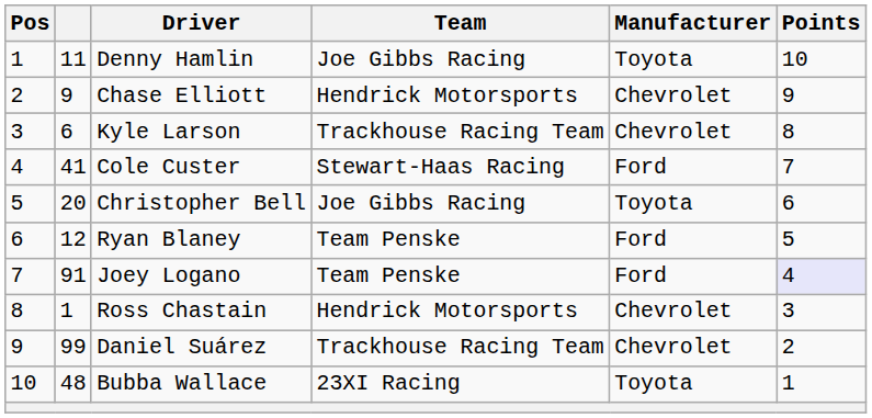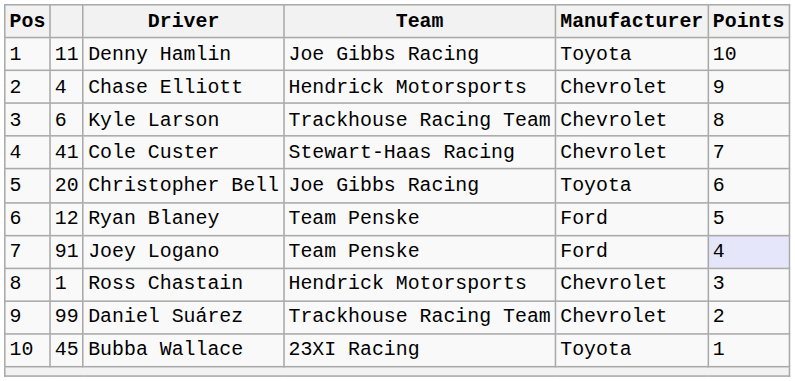 <table class="wikitable" style="font-size:98%">
 <tr>
 <th>Pos</th>
 <th></th>
 <th>Driver</th>
 <th>Team</th>
 <th>Manufacturer</th>
 <th>Points</th>
 </tr>
 <tr>
 <td>1</td>
 <td>11</td>
 <td>Denny Hamlin</td>
 <td>Joe Gibbs Racing</td>
 <td>Toyota</td>
 <td>10</td>
 </tr>
 <tr>
 <td>2</td>
-<td>9</td>
+<td>4</td>
 <td>Chase Elliott</td>
 <td>Hendrick Motorsports</td>
 <td>Chevrolet</td>
 <td>9</td>
 </tr>
 <tr>
 <td>3</td>
 <td>6</td>
 <td>Kyle Larson</td>
 <td>Trackhouse Racing Team</td>
 <td>Chevrolet</td>
 <td>8</td>
 </tr>
 <tr>
 <td>4</td>
 <td>41</td>
 <td>Cole Custer</td>
 <td>Stewart-Haas Racing</td>
-<td>Ford</td>
+<td>Chevrolet</td>
 <td>7</td>
 </tr>
 <tr>
 <td>5</td>
 <td>20</td>
 <td>Christopher Bell</td>
 <td>Joe Gibbs Racing</td>
 <td>Toyota</td>
 <td>6</td>
 </tr>
 <tr>
 <td>6</td>
 <td>12</td>
 <td>Ryan Blaney</td>
 <td>Team Penske</td>
 <td>Ford</td>
 <td>5</td>
 </tr>
 <tr>
 <td>7</td>
 <td>91</td>
 <td>Joey Logano</td>
 <td>Team Penske</td>
 <td>Ford</td>
 <td style="background: lavender;">4</td>
 </tr>
 <tr>
 <td>8</td>
 <td>1</td>
 <td>Ross Chastain</td>
 <td>Hendrick Motorsports</td>
 <td>Chevrolet</td>
 <td>3</td>
 </tr>
 <tr>
 <td>9</td>
 <td>99</td>
 <td>Daniel Suárez</td>
 <td>Trackhouse Racing Team</td>
 <td>Chevrolet</td>
 <td>2</td>
 </tr>
 <tr>
 <td>10</td>
-<td>48</td>
+<td>45</td>
 <td>Bubba Wallace</td>
 <td>23XI Racing</td>
 <td>Toyota</td>
 <td>1</td>
 </tr>
 <tr>
 <th colspan="6"></th>
 </tr>
 </table>
